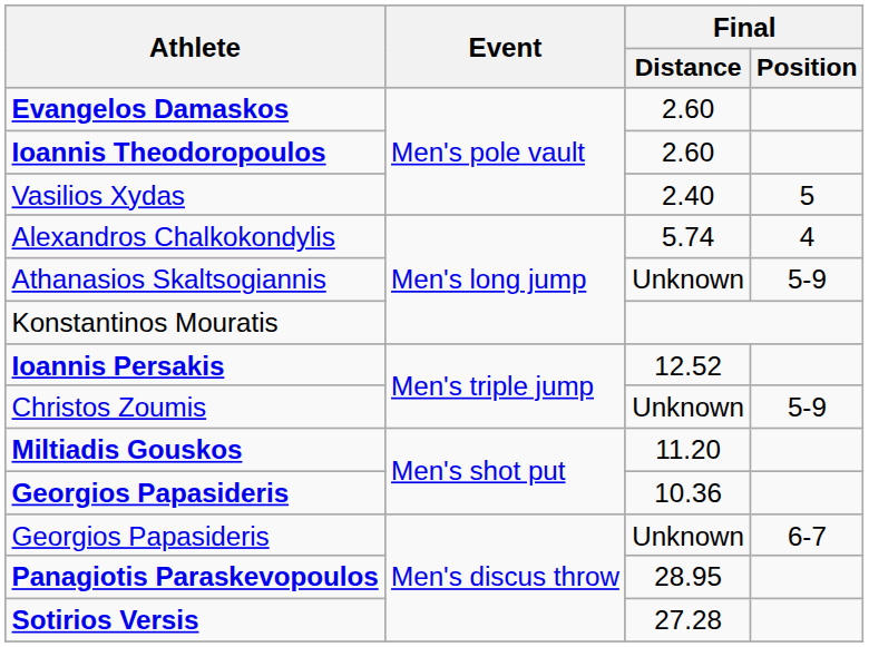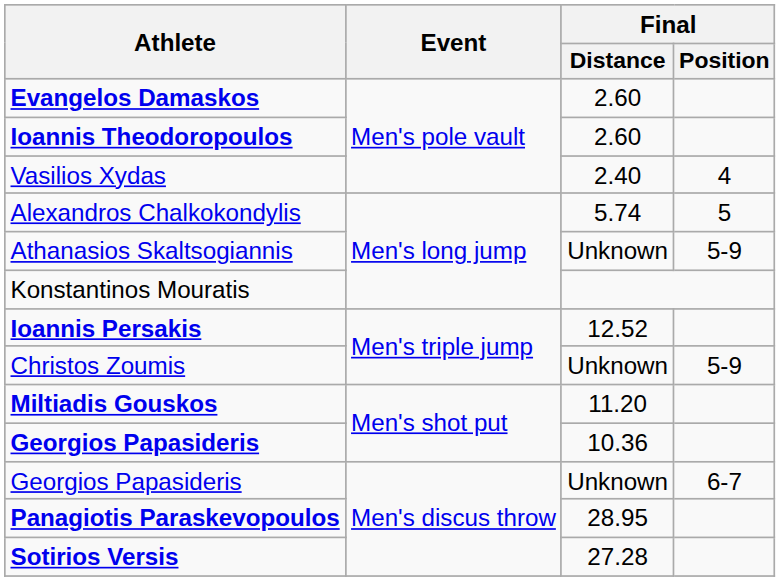 <table class=wikitable style=font-size:90%;text-align:center>
 <tr>
 <th rowspan=2>Athlete</th>
 <th rowspan=2>Event</th>
 <th colspan=2>Final</th>
 </tr>
 <tr style=font-size:95%>
 <th>Distance</th>
 <th>Position</th>
 </tr>
 <tr>
 <td align=left><strong><a href='#'>Evangelos Damaskos</a></strong></td>
 <td align=left rowspan=3><a href='#'>Men's pole vault</a></td>
 <td>2.60</td>
 <td></td>
 </tr>
 <tr>
 <td align=left><strong><a href='#'>Ioannis Theodoropoulos</a></strong></td>
 <td>2.60</td>
 <td></td>
 </tr>
 <tr>
 <td align=left><a href='#'>Vasilios Xydas</a></td>
 <td>2.40</td>
-<td>5</td>
+<td>4</td>
 </tr>
 <tr>
 <td align=left><a href='#'>Alexandros Chalkokondylis</a></td>
 <td align=left rowspan=3><a href='#'>Men's long jump</a></td>
 <td>5.74</td>
-<td>4</td>
+<td>5</td>
 </tr>
 <tr>
 <td align=left><a href='#'>Athanasios Skaltsogiannis</a></td>
 <td>Unknown</td>
 <td>5-9</td>
 </tr>
 <tr>
 <td align=left>Konstantinos Mouratis</td>
 <td colspan=2></td>
 </tr>
 <tr>
 <td align=left><strong><a href='#'>Ioannis Persakis</a></strong></td>
 <td align=left rowspan=2><a href='#'>Men's triple jump</a></td>
 <td>12.52</td>
 <td></td>
 </tr>
 <tr>
 <td align=left><a href='#'>Christos Zoumis</a></td>
 <td>Unknown</td>
 <td>5-9</td>
 </tr>
 <tr>
 <td align=left><strong><a href='#'>Miltiadis Gouskos</a></strong></td>
 <td align=left rowspan=2><a href='#'>Men's shot put</a></td>
 <td>11.20</td>
 <td></td>
 </tr>
 <tr>
 <td align=left><strong><a href='#'>Georgios Papasideris</a></strong></td>
 <td>10.36</td>
 <td></td>
 </tr>
 <tr>
 <td align=left><a href='#'>Georgios Papasideris</a></td>
 <td align=left rowspan=3><a href='#'>Men's discus throw</a></td>
 <td>Unknown</td>
 <td>6-7</td>
 </tr>
 <tr>
 <td align=left><strong><a href='#'>Panagiotis Paraskevopoulos</a></strong></td>
 <td>28.95</td>
 <td></td>
 </tr>
 <tr>
 <td align=left><strong><a href='#'>Sotirios Versis</a></strong></td>
 <td>27.28</td>
 <td></td>
 </tr>
 </table>
